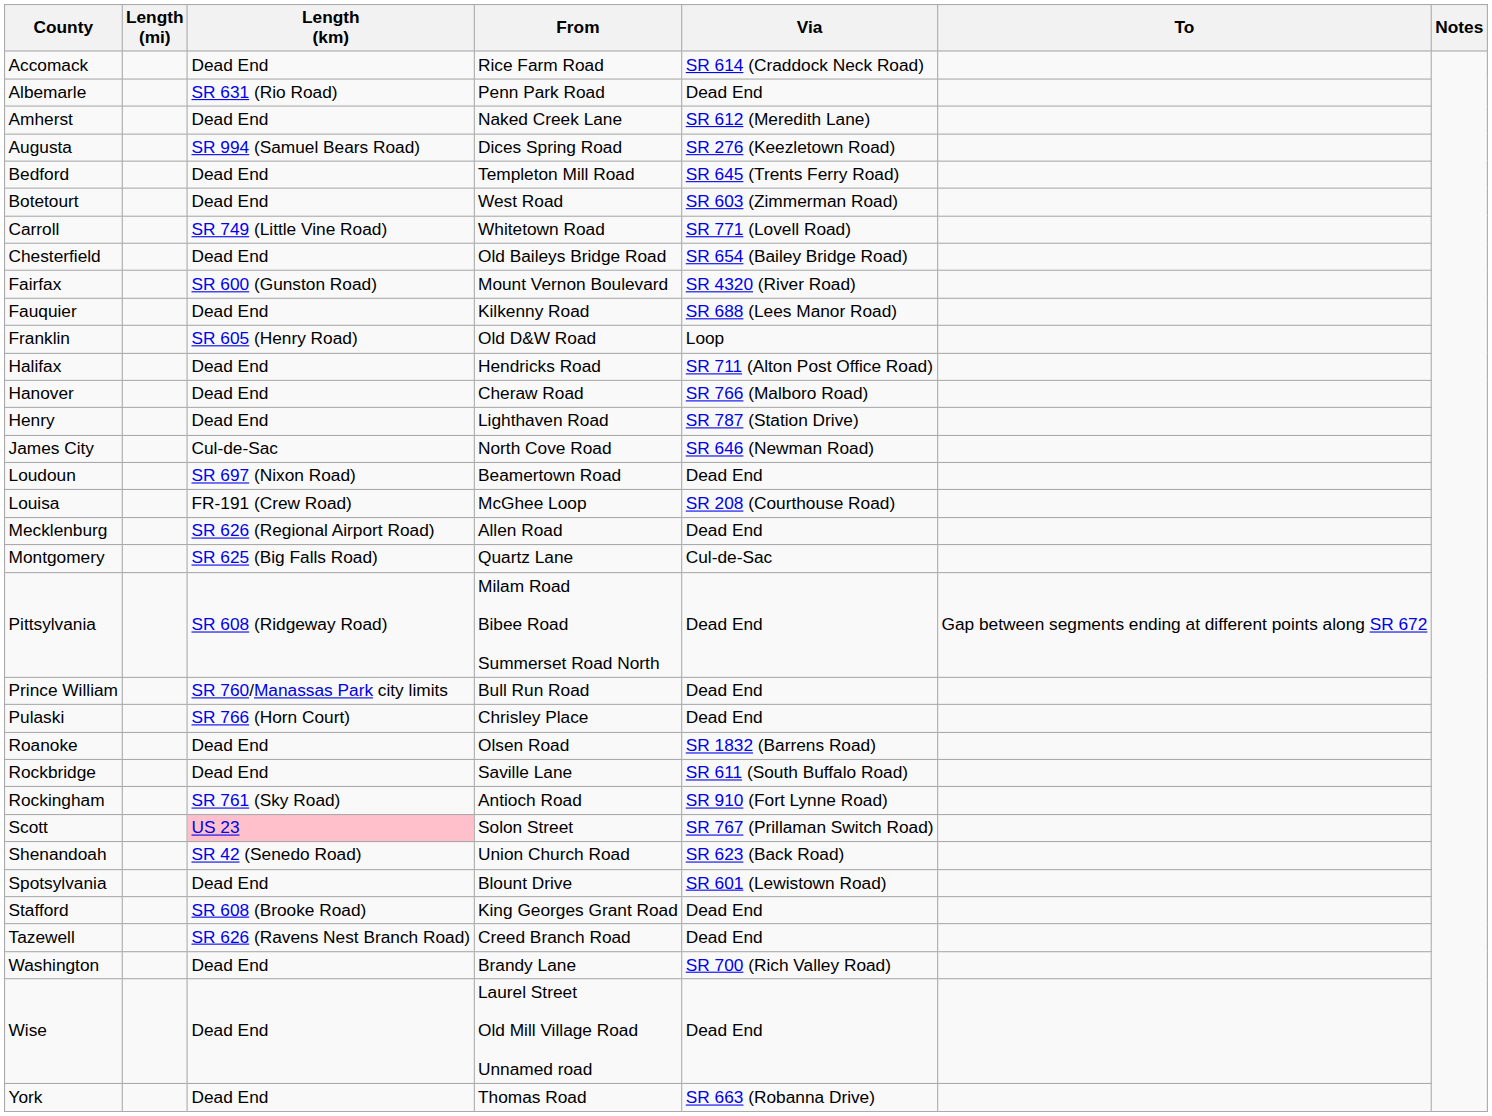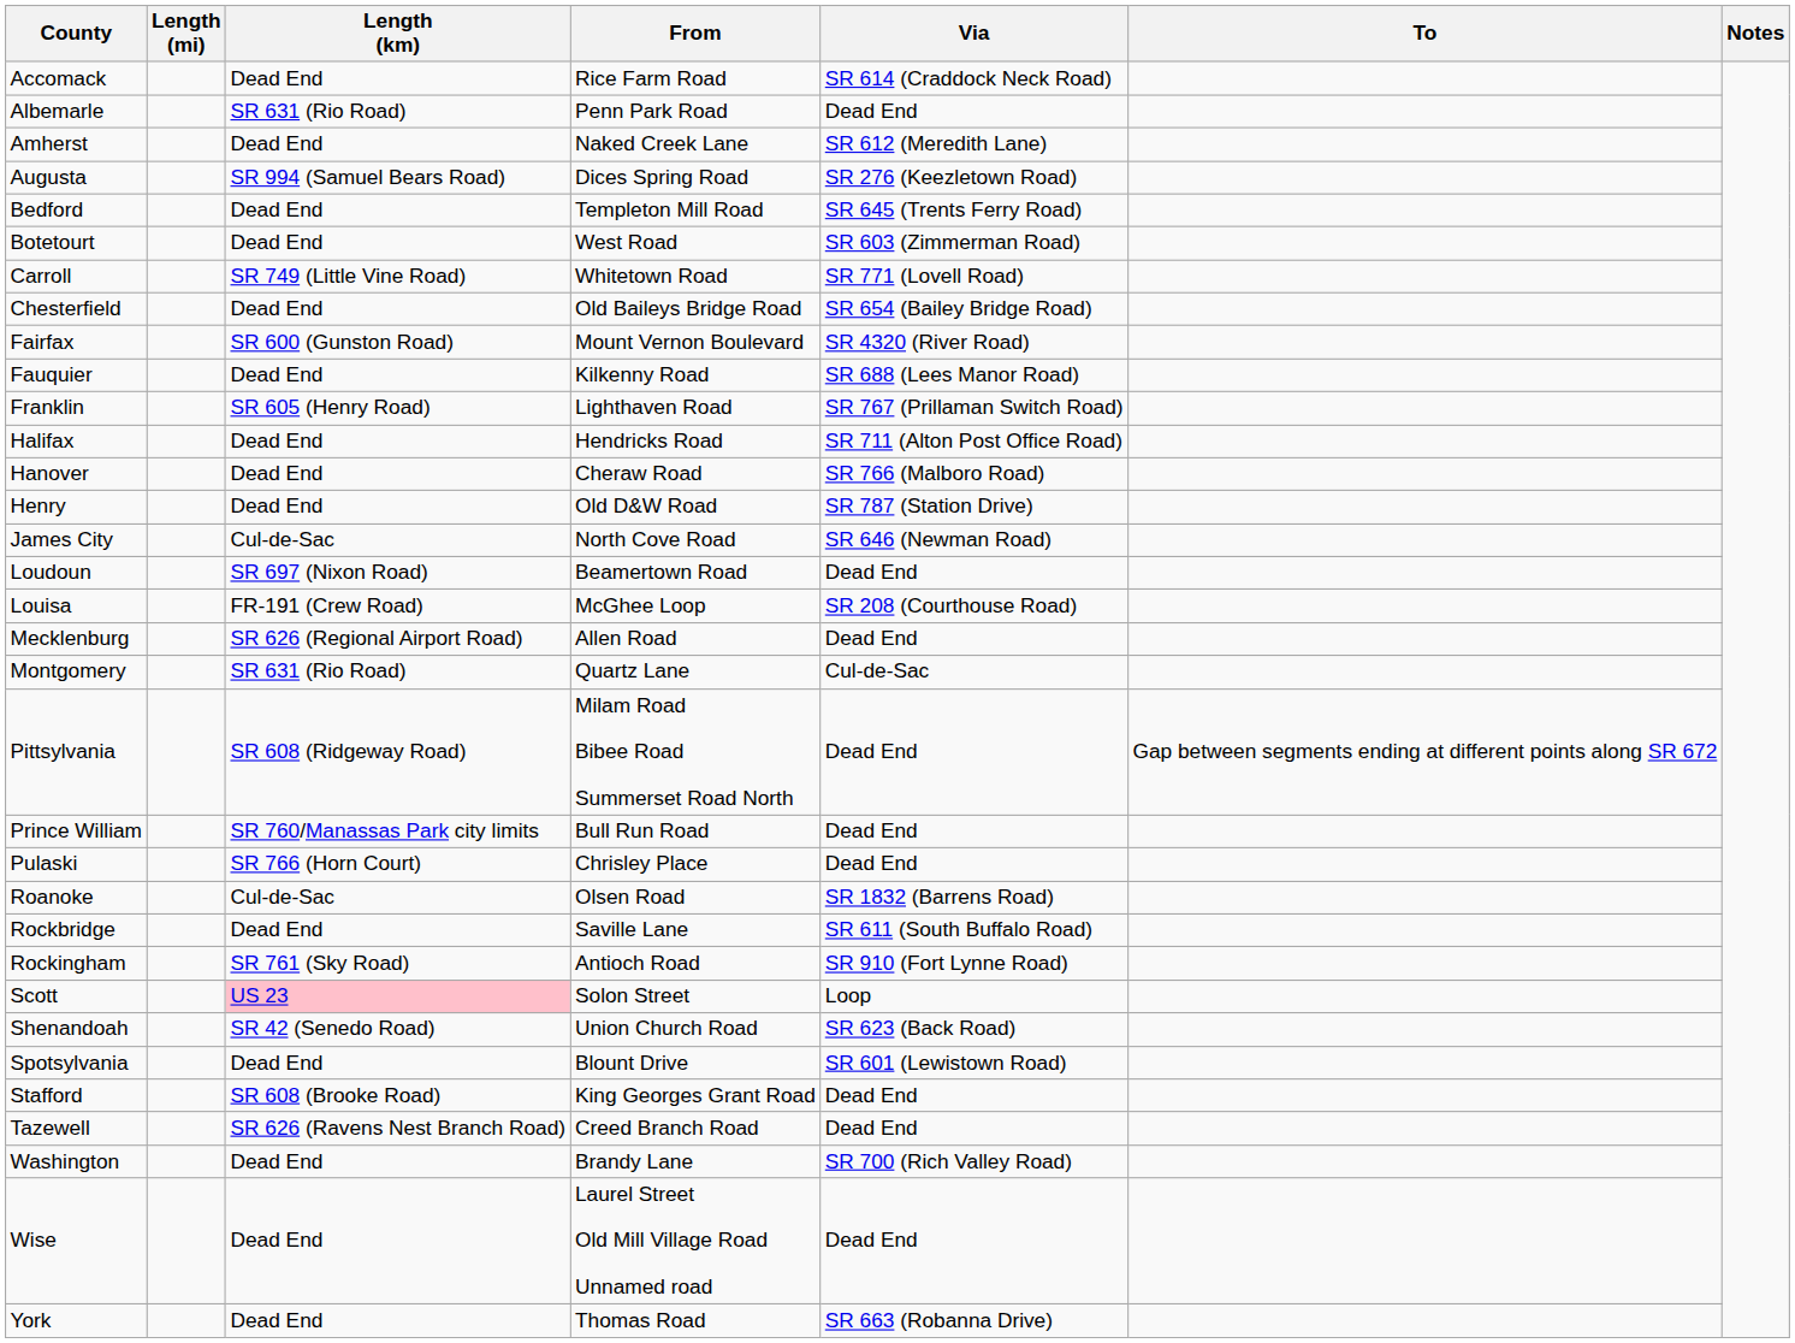 <table class="wikitable sortable">
 <tr>
 <th>County</th>
 <th>Length<br>(mi)</th>
 <th>Length<br>(km)</th>
 <th class="unsortable">From</th>
 <th class="unsortable">Via</th>
 <th class="unsortable">To</th>
 <th class="unsortable">Notes</th>
 </tr>
 <tr>
 <td id="Accomack">Accomack</td>
 <td></td>
 <td>Dead End</td>
 <td>Rice Farm Road</td>
 <td><a href='#'>SR 614</a> (Craddock Neck Road)</td>
 <td></td>
 </tr>
 <tr>
 <td id="Albemarle">Albemarle</td>
 <td></td>
 <td><a href='#'>SR 631</a> (Rio Road)</td>
 <td>Penn Park Road</td>
 <td>Dead End</td>
 <td><br> </td>
 </tr>
 <tr>
 <td id="Amherst">Amherst</td>
 <td></td>
 <td>Dead End</td>
 <td>Naked Creek Lane</td>
 <td><a href='#'>SR 612</a> (Meredith Lane)</td>
 <td><br> </td>
 </tr>
 <tr>
 <td id="Augusta">Augusta</td>
 <td></td>
 <td><a href='#'>SR 994</a> (Samuel Bears Road)</td>
 <td>Dices Spring Road</td>
 <td><a href='#'>SR 276</a> (Keezletown Road)</td>
 <td><br></td>
 </tr>
 <tr>
 <td id="Bedford">Bedford</td>
 <td></td>
 <td>Dead End</td>
 <td>Templeton Mill Road</td>
 <td><a href='#'>SR 645</a> (Trents Ferry Road)</td>
 <td><br></td>
 </tr>
 <tr>
 <td id="Botetourt">Botetourt</td>
 <td></td>
 <td>Dead End</td>
 <td>West Road</td>
 <td><a href='#'>SR 603</a> (Zimmerman Road)</td>
 <td><br>    </td>
 </tr>
 <tr>
 <td id="Carroll">Carroll</td>
 <td></td>
 <td><a href='#'>SR 749</a> (Little Vine Road)</td>
 <td>Whitetown Road</td>
 <td><a href='#'>SR 771</a> (Lovell Road)</td>
 <td><br> </td>
 </tr>
 <tr>
 <td id="Chesterfield">Chesterfield</td>
 <td></td>
 <td>Dead End</td>
 <td>Old Baileys Bridge Road</td>
 <td><a href='#'>SR 654</a> (Bailey Bridge Road)</td>
 <td><br>      </td>
 </tr>
 <tr>
 <td id="Fairfax">Fairfax</td>
 <td></td>
 <td><a href='#'>SR 600</a> (Gunston Road)</td>
 <td>Mount Vernon Boulevard</td>
 <td><a href='#'>SR 4320</a> (River Road)</td>
 <td></td>
 </tr>
 <tr>
 <td id="Fauquier">Fauquier</td>
 <td></td>
 <td>Dead End</td>
 <td>Kilkenny Road</td>
 <td><a href='#'>SR 688</a> (Lees Manor Road)</td>
 <td><br> </td>
 </tr>
 <tr>
 <td id="Franklin">Franklin</td>
 <td></td>
 <td><a href='#'>SR 605</a> (Henry Road)</td>
-<td>Old D&W Road</td>
-<td>Loop</td>
+<td>Lighthaven Road</td>
+<td><a href='#'>SR 767</a> (Prillaman Switch Road)</td>
 <td><br>      </td>
 </tr>
 <tr>
 <td id="Halifax">Halifax</td>
 <td></td>
 <td>Dead End</td>
 <td>Hendricks Road</td>
 <td><a href='#'>SR 711</a> (Alton Post Office Road)</td>
 <td></td>
 </tr>
 <tr>
 <td id="Hanover">Hanover</td>
 <td></td>
 <td>Dead End</td>
 <td>Cheraw Road</td>
 <td><a href='#'>SR 766</a> (Malboro Road)</td>
 <td><br></td>
 </tr>
 <tr>
 <td id="Henry">Henry</td>
 <td></td>
 <td>Dead End</td>
-<td>Lighthaven Road</td>
+<td>Old D&W Road</td>
 <td><a href='#'>SR 787</a> (Station Drive)</td>
 <td><br> </td>
 </tr>
 <tr>
 <td id="James City">James City</td>
 <td></td>
 <td>Cul-de-Sac</td>
 <td>North Cove Road</td>
 <td><a href='#'>SR 646</a> (Newman Road)</td>
 <td><br>    </td>
 </tr>
 <tr>
 <td id="Loudoun">Loudoun</td>
 <td></td>
 <td><a href='#'>SR 697</a> (Nixon Road)</td>
 <td>Beamertown Road</td>
 <td>Dead End</td>
 <td></td>
 </tr>
 <tr>
 <td id="Louisa">Louisa</td>
 <td></td>
 <td>FR-191 (Crew Road)</td>
 <td>McGhee Loop</td>
 <td><a href='#'>SR 208</a> (Courthouse Road)</td>
 <td><br>  </td>
 </tr>
 <tr>
 <td id="Mecklenburg">Mecklenburg</td>
 <td></td>
 <td><a href='#'>SR 626</a> (Regional Airport Road)</td>
 <td>Allen Road</td>
 <td>Dead End</td>
 <td><br></td>
 </tr>
 <tr>
 <td id="Montgomery">Montgomery</td>
 <td></td>
-<td><a href='#'>SR 625</a> (Big Falls Road)</td>
+<td><a href='#'>SR 631</a> (Rio Road)</td>
 <td>Quartz Lane</td>
 <td>Cul-de-Sac</td>
 <td><br>       </td>
 </tr>
 <tr>
 <td id="Pittsylvania">Pittsylvania</td>
 <td></td>
 <td><a href='#'>SR 608</a> (Ridgeway Road)</td>
 <td>Milam Road<br><br>Bibee Road<br><br>Summerset Road North</td>
 <td>Dead End</td>
 <td>Gap between segments ending at different points along <a href='#'>SR 672</a><br>  </td>
 </tr>
 <tr>
 <td id="Prince William">Prince William</td>
 <td></td>
 <td><a href='#'>SR 760</a>/<a href='#'>Manassas Park</a> city limits</td>
 <td>Bull Run Road</td>
 <td>Dead End</td>
 <td></td>
 </tr>
 <tr>
 <td id="Pulaski">Pulaski</td>
 <td></td>
 <td><a href='#'>SR 766</a> (Horn Court)</td>
 <td>Chrisley Place</td>
 <td>Dead End</td>
 <td><br> </td>
 </tr>
 <tr>
 <td id="Roanoke">Roanoke</td>
 <td></td>
-<td>Dead End</td>
+<td>Cul-de-Sac</td>
 <td>Olsen Road</td>
 <td><a href='#'>SR 1832</a> (Barrens Road)</td>
 <td></td>
 </tr>
 <tr>
 <td id="Rockbridge">Rockbridge</td>
 <td></td>
 <td>Dead End</td>
 <td>Saville Lane</td>
 <td><a href='#'>SR 611</a> (South Buffalo Road)</td>
 <td></td>
 </tr>
 <tr>
 <td id="Rockingham">Rockingham</td>
 <td></td>
 <td><a href='#'>SR 761</a> (Sky Road)</td>
 <td>Antioch Road</td>
 <td><a href='#'>SR 910</a> (Fort Lynne Road)</td>
 <td><br></td>
 </tr>
 <tr>
 <td id="Scott">Scott</td>
 <td></td>
 <td style="background: pink;"><a href='#'>US 23</a></td>
 <td>Solon Street</td>
-<td><a href='#'>SR 767</a> (Prillaman Switch Road)</td>
+<td>Loop</td>
 <td></td>
 </tr>
 <tr>
 <td id="Shenandoah">Shenandoah</td>
 <td></td>
 <td><a href='#'>SR 42</a> (Senedo Road)</td>
 <td>Union Church Road</td>
 <td><a href='#'>SR 623</a> (Back Road)</td>
 <td><br> </td>
 </tr>
 <tr>
 <td id="Spotsylvania">Spotsylvania</td>
 <td></td>
 <td>Dead End</td>
 <td>Blount Drive</td>
 <td><a href='#'>SR 601</a> (Lewistown Road)</td>
 <td></td>
 </tr>
 <tr>
 <td id="Stafford">Stafford</td>
 <td></td>
 <td><a href='#'>SR 608</a> (Brooke Road)</td>
 <td>King Georges Grant Road</td>
 <td>Dead End</td>
 <td><br> </td>
 </tr>
 <tr>
 <td id="Tazewell">Tazewell</td>
 <td></td>
 <td><a href='#'>SR 626</a> (Ravens Nest Branch Road)</td>
 <td>Creed Branch Road</td>
 <td>Dead End</td>
 <td><br></td>
 </tr>
 <tr>
 <td id="Washington">Washington</td>
 <td></td>
 <td>Dead End</td>
 <td>Brandy Lane</td>
 <td><a href='#'>SR 700</a> (Rich Valley Road)</td>
 <td><br></td>
 </tr>
 <tr>
 <td id="Wise">Wise</td>
 <td></td>
 <td>Dead End</td>
 <td>Laurel Street<br><br>Old Mill Village Road<br><br>Unnamed road</td>
 <td>Dead End</td>
 <td><br></td>
 </tr>
 <tr>
 <td id="York">York</td>
 <td></td>
 <td>Dead End</td>
 <td>Thomas Road</td>
 <td><a href='#'>SR 663</a> (Robanna Drive)</td>
 <td></td>
 </tr>
 </table>
